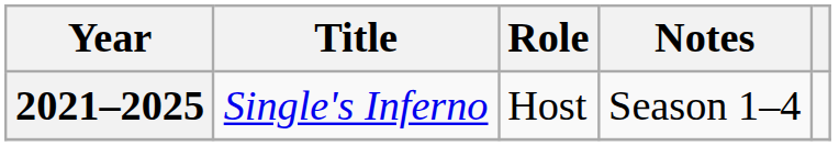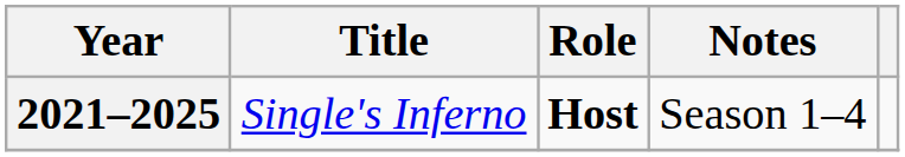 <table class="wikitable plainrowheaders">
 <tr>
 <th scope="col">Year</th>
 <th scope="col">Title</th>
 <th scope="col">Role</th>
 <th>Notes</th>
 <th scope="col"></th>
 </tr>
 <tr>
 <th scope="row">2021–2025</th>
 <td><em><a href='#'>Single's Inferno</a></em></td>
-<td>Host</td>
+<td><strong>Host</strong></td>
 <td>Season 1–4</td>
 <td></td>
 </tr>
 <tr>
 </tr>
 </table>
